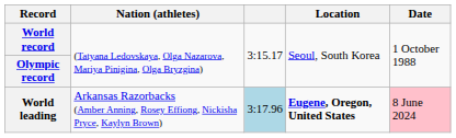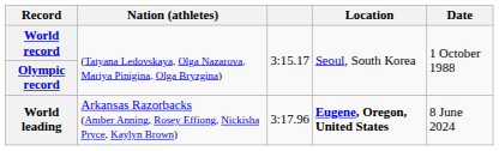 <table class="wikitable">
 <tr>
 <th scope="col">Record</th>
 <th scope="col">Nation (athletes)</th>
 <th scope="col"></th>
 <th scope="col">Location</th>
 <th scope="col">Date</th>
 </tr>
 <tr>
 <th scope="row"><a href='#'>World record</a></th>
 <td rowspan="2"><br><small>(<a href='#'>Tatyana Ledovskaya</a>, <a href='#'>Olga Nazarova</a>, <a href='#'>Mariya Pinigina</a>, <a href='#'>Olga Bryzgina</a>)</small></td>
 <td rowspan="2">3:15.17</td>
 <td rowspan="2"><a href='#'>Seoul</a>, South Korea</td>
 <td rowspan="2">1 October 1988</td>
 </tr>
 <tr>
 <th scope="row"><a href='#'>Olympic record</a></th>
 </tr>
 <tr>
 <th scope="row">World leading</th>
 <td><a href='#'>Arkansas Razorbacks</a><br><small>(<a href='#'>Amber Anning</a>, <a href='#'>Rosey Effiong</a>, <a href='#'>Nickisha Pryce</a>, <a href='#'>Kaylyn Brown</a>)</small></td>
-<td style="background: lightblue;">3:17.96</td>
+<td>3:17.96</td>
 <td><strong><a href='#'>Eugene</a>, Oregon, United States</strong></td>
-<td style="background: pink;">8 June 2024</td>
+<td>8 June 2024</td>
 </tr>
 </table>
